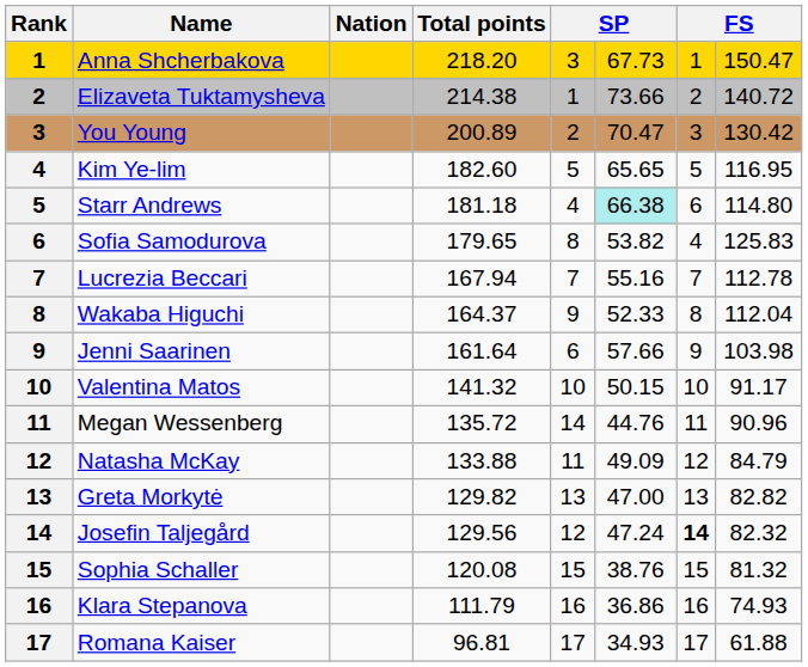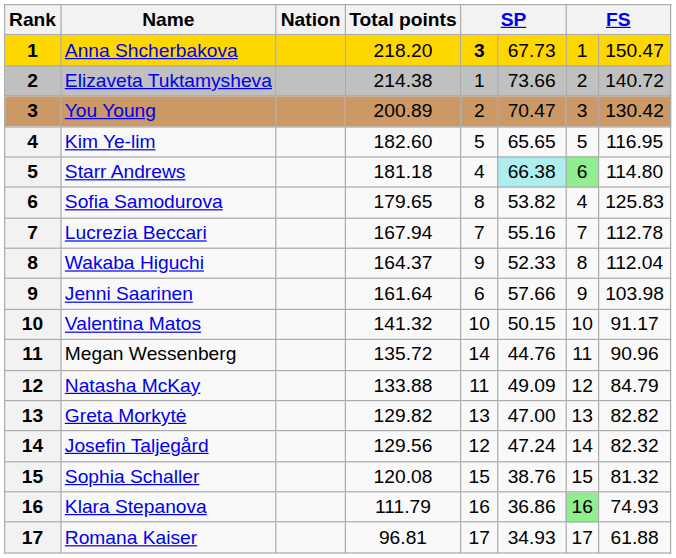 <table class="wikitable sortable">
 <tr>
 <th>Rank</th>
 <th>Name</th>
 <th>Nation</th>
 <th>Total points</th>
 <th colspan="2" width="80px"><a href='#'>SP</a></th>
 <th colspan="2" width="80px"><a href='#'>FS</a></th>
 </tr>
 <tr bgcolor="gold">
 <td align="center"><strong>1</strong></td>
 <td><a href='#'>Anna Shcherbakova</a></td>
 <td></td>
 <td align="center">218.20</td>
-<td align="center">3</td>
+<td align="center"><strong>3</strong></td>
 <td align="center">67.73</td>
 <td align="center">1</td>
 <td align="center">150.47</td>
 </tr>
 <tr bgcolor="silver">
 <td align="center"><strong>2</strong></td>
 <td><a href='#'>Elizaveta Tuktamysheva</a></td>
 <td></td>
 <td align="center">214.38</td>
 <td align="center">1</td>
 <td align="center">73.66</td>
 <td align="center">2</td>
 <td align="center">140.72</td>
 </tr>
 <tr bgcolor="cc9966">
 <td align="center"><strong>3</strong></td>
 <td><a href='#'>You Young</a></td>
 <td></td>
 <td align="center">200.89</td>
 <td align="center">2</td>
 <td align="center">70.47</td>
 <td align="center">3</td>
 <td align="center">130.42</td>
 </tr>
 <tr>
 <th>4</th>
 <td><a href='#'>Kim Ye-lim</a></td>
 <td></td>
 <td align="center">182.60</td>
 <td align="center">5</td>
 <td align="center">65.65</td>
 <td align="center">5</td>
 <td align="center">116.95</td>
 </tr>
 <tr>
 <th>5</th>
 <td><a href='#'>Starr Andrews</a></td>
 <td></td>
 <td align="center">181.18</td>
 <td align="center">4</td>
 <td align="center" style="background: paleturquoise;">66.38</td>
-<td align="center">6</td>
+<td align="center" style="background: lightgreen;">6</td>
 <td align="center">114.80</td>
 </tr>
 <tr>
 <th>6</th>
 <td><a href='#'>Sofia Samodurova</a></td>
 <td></td>
 <td align="center">179.65</td>
 <td align="center">8</td>
 <td align="center">53.82</td>
 <td align="center">4</td>
 <td align="center">125.83</td>
 </tr>
 <tr>
 <th>7</th>
 <td><a href='#'>Lucrezia Beccari</a></td>
 <td></td>
 <td align="center">167.94</td>
 <td align="center">7</td>
 <td align="center">55.16</td>
 <td align="center">7</td>
 <td align="center">112.78</td>
 </tr>
 <tr>
 <th>8</th>
 <td><a href='#'>Wakaba Higuchi</a></td>
 <td></td>
 <td align="center">164.37</td>
 <td align="center">9</td>
 <td align="center">52.33</td>
 <td align="center">8</td>
 <td align="center">112.04</td>
 </tr>
 <tr>
 <th>9</th>
 <td><a href='#'>Jenni Saarinen</a></td>
 <td></td>
 <td align="center">161.64</td>
 <td align="center">6</td>
 <td align="center">57.66</td>
 <td align="center">9</td>
 <td align="center">103.98</td>
 </tr>
 <tr>
 <th>10</th>
 <td><a href='#'>Valentina Matos</a></td>
 <td></td>
 <td align="center">141.32</td>
 <td align="center">10</td>
 <td align="center">50.15</td>
 <td align="center">10</td>
 <td align="center">91.17</td>
 </tr>
 <tr>
 <th>11</th>
 <td>Megan Wessenberg</td>
 <td></td>
 <td align="center">135.72</td>
 <td align="center">14</td>
 <td align="center">44.76</td>
 <td align="center">11</td>
 <td align="center">90.96</td>
 </tr>
 <tr>
 <th>12</th>
 <td><a href='#'>Natasha McKay</a></td>
 <td></td>
 <td align="center">133.88</td>
 <td align="center">11</td>
 <td align="center">49.09</td>
 <td align="center">12</td>
 <td align="center">84.79</td>
 </tr>
 <tr>
 <th>13</th>
 <td><a href='#'>Greta Morkytė</a></td>
 <td></td>
 <td align="center">129.82</td>
 <td align="center">13</td>
 <td align="center">47.00</td>
 <td align="center">13</td>
 <td align="center">82.82</td>
 </tr>
 <tr>
 <th>14</th>
 <td><a href='#'>Josefin Taljegård</a></td>
 <td></td>
 <td align="center">129.56</td>
 <td align="center">12</td>
 <td align="center">47.24</td>
-<td align="center"><strong>14</strong></td>
+<td align="center">14</td>
 <td align="center">82.32</td>
 </tr>
 <tr>
 <th>15</th>
 <td><a href='#'>Sophia Schaller</a></td>
 <td></td>
 <td align="center">120.08</td>
 <td align="center">15</td>
 <td align="center">38.76</td>
 <td align="center">15</td>
 <td align="center">81.32</td>
 </tr>
 <tr>
 <th>16</th>
 <td><a href='#'>Klara Stepanova</a></td>
 <td></td>
 <td align="center">111.79</td>
 <td align="center">16</td>
 <td align="center">36.86</td>
-<td align="center">16</td>
+<td align="center" style="background: lightgreen;">16</td>
 <td align="center">74.93</td>
 </tr>
 <tr>
 <th>17</th>
 <td><a href='#'>Romana Kaiser</a></td>
 <td></td>
 <td align="center">96.81</td>
 <td align="center">17</td>
 <td align="center">34.93</td>
 <td align="center">17</td>
 <td align="center">61.88</td>
 </tr>
 </table>
